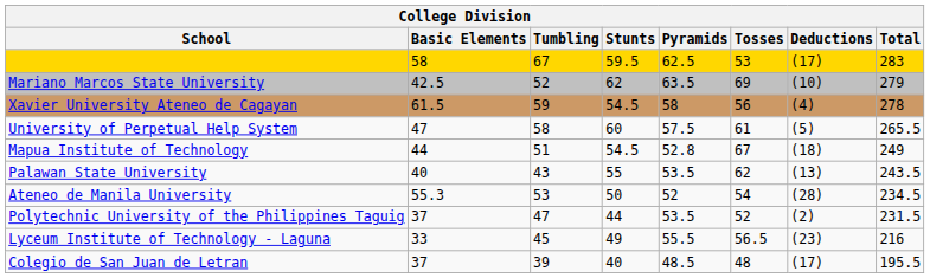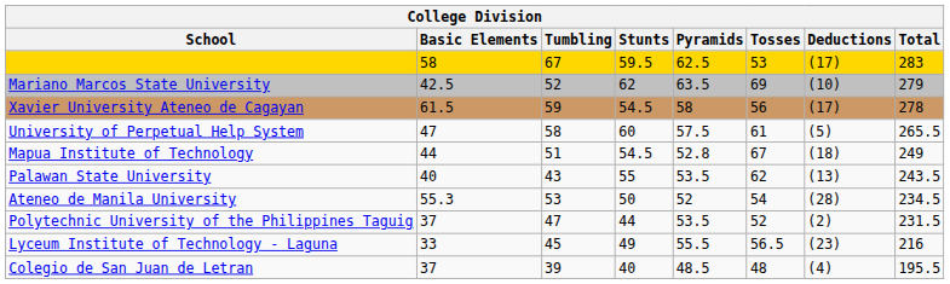 <table class="wikitable" style="text align: center">
 <tr bgcolor="#efefef">
 <th colspan=8>College Division</th>
 </tr>
 <tr>
 <th>School</th>
 <th>Basic Elements</th>
 <th>Tumbling</th>
 <th>Stunts</th>
 <th>Pyramids</th>
 <th>Tosses</th>
 <th>Deductions</th>
 <th>Total</th>
 </tr>
 <tr bgcolor="gold">
 <td></td>
 <td>58</td>
 <td>67</td>
 <td>59.5</td>
 <td>62.5</td>
 <td>53</td>
 <td>(17)</td>
 <td>283</td>
 </tr>
 <tr bgcolor="silver">
 <td><a href='#'>Mariano Marcos State University</a></td>
 <td>42.5</td>
 <td>52</td>
 <td>62</td>
 <td>63.5</td>
 <td>69</td>
 <td>(10)</td>
 <td>279</td>
 </tr>
 <tr bgcolor=#cc9966>
 <td><a href='#'>Xavier University Ateneo de Cagayan</a></td>
 <td>61.5</td>
 <td>59</td>
 <td>54.5</td>
 <td>58</td>
 <td>56</td>
-<td>(4)</td>
+<td>(17)</td>
 <td>278</td>
 </tr>
 <tr>
 <td><a href='#'>University of Perpetual Help System</a></td>
 <td>47</td>
 <td>58</td>
 <td>60</td>
 <td>57.5</td>
 <td>61</td>
 <td>(5)</td>
 <td>265.5</td>
 </tr>
 <tr>
 <td><a href='#'>Mapua Institute of Technology</a></td>
 <td>44</td>
 <td>51</td>
 <td>54.5</td>
 <td>52.8</td>
 <td>67</td>
 <td>(18)</td>
 <td>249</td>
 </tr>
 <tr>
 <td><a href='#'>Palawan State University</a></td>
 <td>40</td>
 <td>43</td>
 <td>55</td>
 <td>53.5</td>
 <td>62</td>
 <td>(13)</td>
 <td>243.5</td>
 </tr>
 <tr>
 <td><a href='#'>Ateneo de Manila University</a></td>
 <td>55.3</td>
 <td>53</td>
 <td>50</td>
 <td>52</td>
 <td>54</td>
 <td>(28)</td>
 <td>234.5</td>
 </tr>
 <tr>
 <td><a href='#'>Polytechnic University of the Philippines Taguig</a></td>
 <td>37</td>
 <td>47</td>
 <td>44</td>
 <td>53.5</td>
 <td>52</td>
 <td>(2)</td>
 <td>231.5</td>
 </tr>
 <tr>
 <td><a href='#'>Lyceum Institute of Technology - Laguna</a></td>
 <td>33</td>
 <td>45</td>
 <td>49</td>
 <td>55.5</td>
 <td>56.5</td>
 <td>(23)</td>
 <td>216</td>
 </tr>
 <tr>
 <td><a href='#'>Colegio de San Juan de Letran</a></td>
 <td>37</td>
 <td>39</td>
 <td>40</td>
 <td>48.5</td>
 <td>48</td>
-<td>(17)</td>
+<td>(4)</td>
 <td>195.5</td>
 </tr>
 </table>
